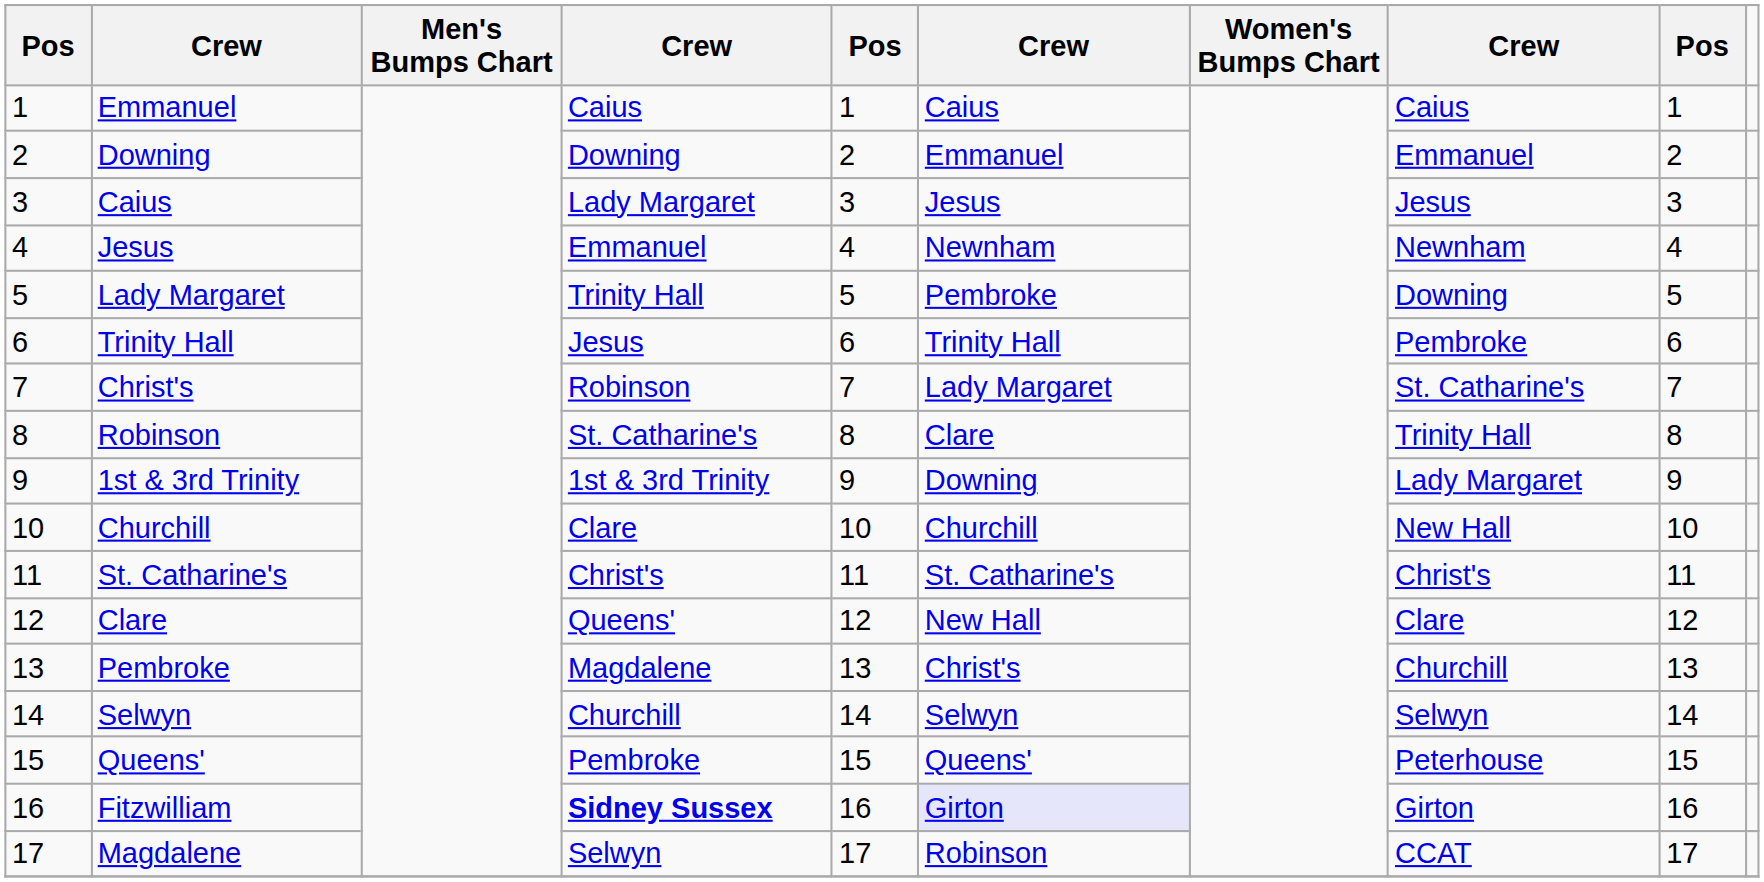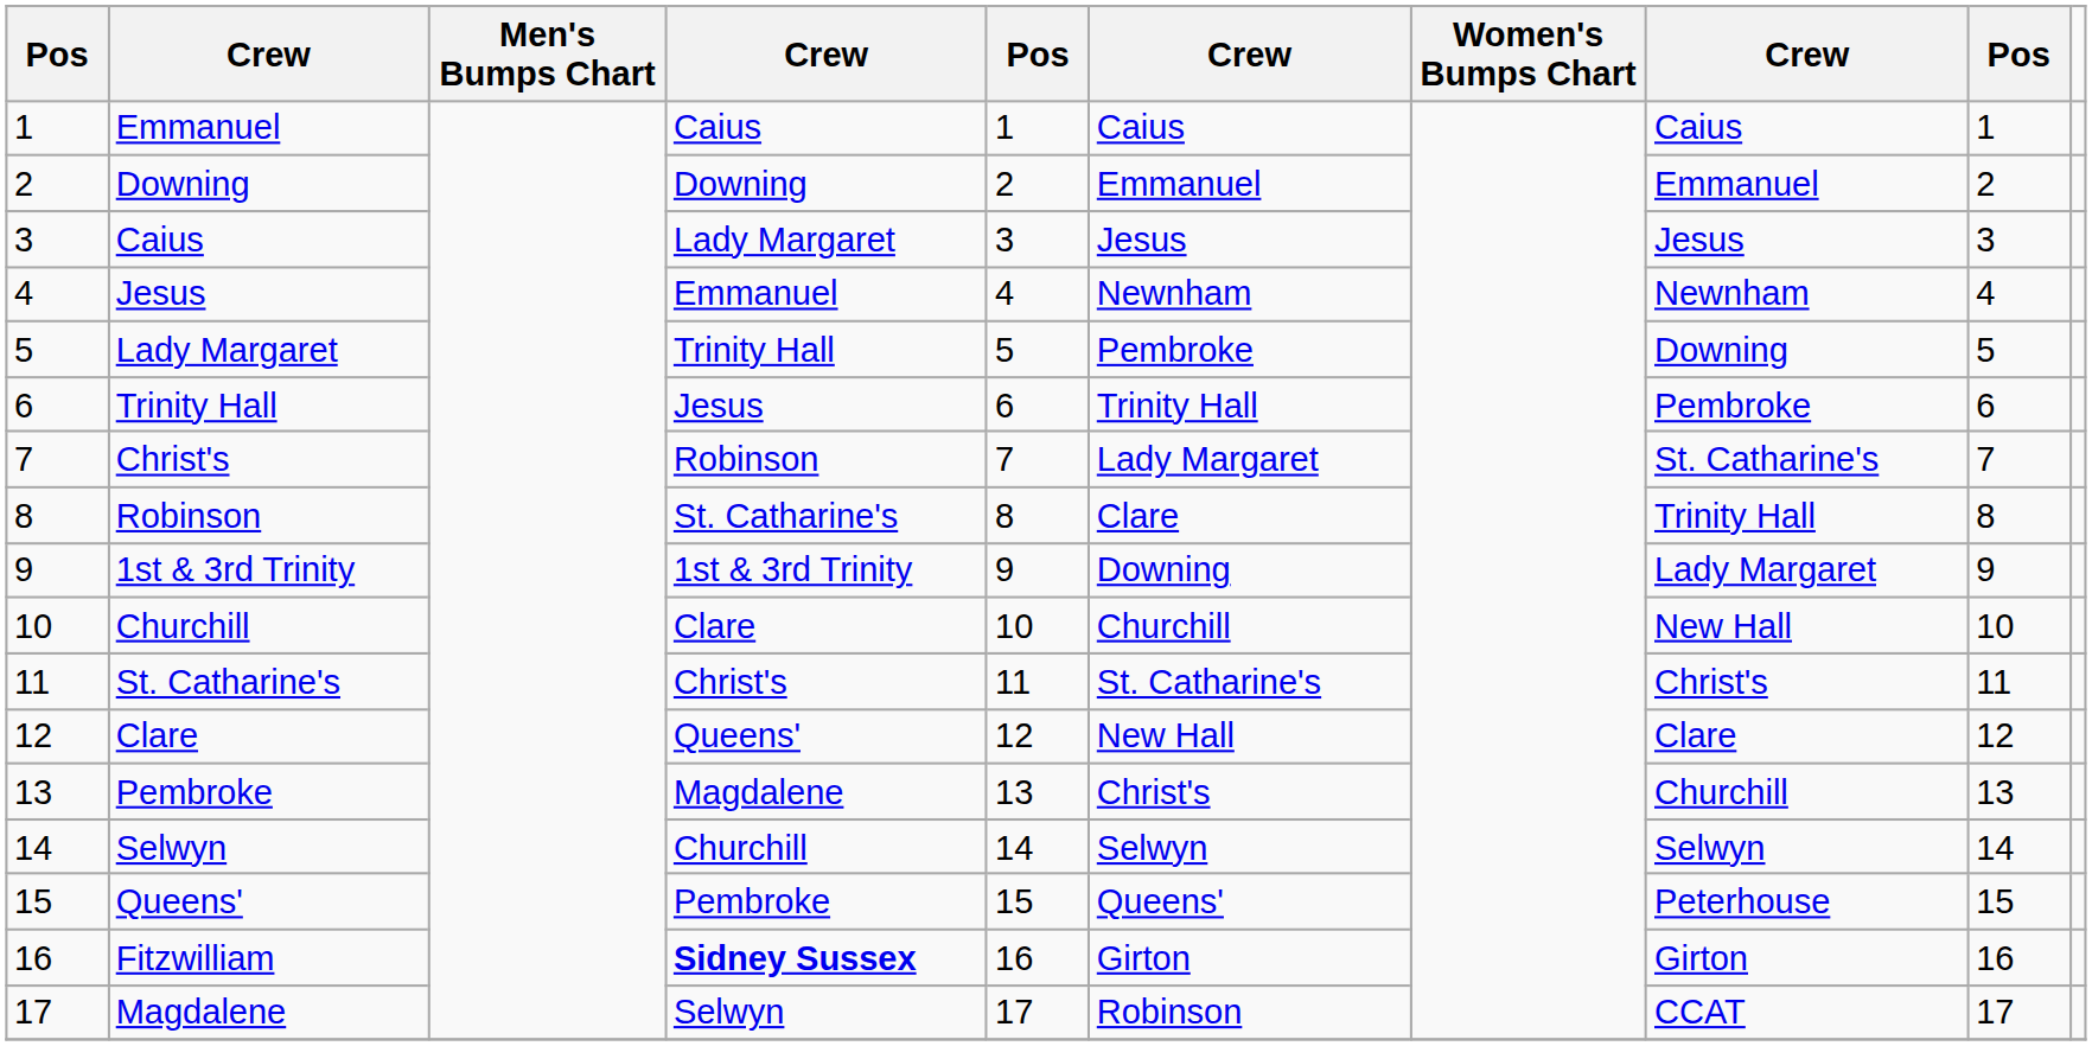 <table class="wikitable" style="font-size:88%; white-space:nowrap; margin:0.5em auto">
 <tr style="white-space:normal">
 <th width=35>Pos</th>
 <th width=125>Crew</th>
 <th width=90>Men's Bumps Chart</th>
 <th width=125>Crew</th>
 <th width=35>Pos</th>
 <th width=125>Crew</th>
 <th width=90>Women's Bumps Chart</th>
 <th width=125>Crew</th>
 <th width=35>Pos</th>
 </tr>
 <tr>
 <td>1</td>
 <td><a href='#'>Emmanuel</a></td>
 <td rowspan="17"><br></td>
 <td><a href='#'>Caius</a></td>
 <td>1</td>
 <td><a href='#'>Caius</a></td>
 <td rowspan="17"><br></td>
 <td><a href='#'>Caius</a></td>
 <td>1</td>
 <td></td>
 </tr>
 <tr>
 <td>2</td>
 <td><a href='#'>Downing</a></td>
 <td><a href='#'>Downing</a></td>
 <td>2</td>
 <td><a href='#'>Emmanuel</a></td>
 <td><a href='#'>Emmanuel</a></td>
 <td>2</td>
 <td></td>
 </tr>
 <tr>
 <td>3</td>
 <td><a href='#'>Caius</a></td>
 <td><a href='#'>Lady Margaret</a></td>
 <td>3</td>
 <td><a href='#'>Jesus</a></td>
 <td><a href='#'>Jesus</a></td>
 <td>3</td>
 <td></td>
 </tr>
 <tr>
 <td>4</td>
 <td><a href='#'>Jesus</a></td>
 <td><a href='#'>Emmanuel</a></td>
 <td>4</td>
 <td><a href='#'>Newnham</a></td>
 <td><a href='#'>Newnham</a></td>
 <td>4</td>
 <td></td>
 </tr>
 <tr>
 <td>5</td>
 <td><a href='#'>Lady Margaret</a></td>
 <td><a href='#'>Trinity Hall</a></td>
 <td>5</td>
 <td><a href='#'>Pembroke</a></td>
 <td><a href='#'>Downing</a></td>
 <td>5</td>
 <td></td>
 </tr>
 <tr>
 <td>6</td>
 <td><a href='#'>Trinity Hall</a></td>
 <td><a href='#'>Jesus</a></td>
 <td>6</td>
 <td><a href='#'>Trinity Hall</a></td>
 <td><a href='#'>Pembroke</a></td>
 <td>6</td>
 <td></td>
 </tr>
 <tr>
 <td>7</td>
 <td><a href='#'>Christ's</a></td>
 <td><a href='#'>Robinson</a></td>
 <td>7</td>
 <td><a href='#'>Lady Margaret</a></td>
 <td><a href='#'>St. Catharine's</a></td>
 <td>7</td>
 <td></td>
 </tr>
 <tr>
 <td>8</td>
 <td><a href='#'>Robinson</a></td>
 <td><a href='#'>St. Catharine's</a></td>
 <td>8</td>
 <td><a href='#'>Clare</a></td>
 <td><a href='#'>Trinity Hall</a></td>
 <td>8</td>
 <td></td>
 </tr>
 <tr>
 <td>9</td>
 <td><a href='#'>1st & 3rd Trinity</a></td>
 <td><a href='#'>1st & 3rd Trinity</a></td>
 <td>9</td>
 <td><a href='#'>Downing</a></td>
 <td><a href='#'>Lady Margaret</a></td>
 <td>9</td>
 <td></td>
 </tr>
 <tr>
 <td>10</td>
 <td><a href='#'>Churchill</a></td>
 <td><a href='#'>Clare</a></td>
 <td>10</td>
 <td><a href='#'>Churchill</a></td>
 <td><a href='#'>New Hall</a></td>
 <td>10</td>
 <td></td>
 </tr>
 <tr>
 <td>11</td>
 <td><a href='#'>St. Catharine's</a></td>
 <td><a href='#'>Christ's</a></td>
 <td>11</td>
 <td><a href='#'>St. Catharine's</a></td>
 <td><a href='#'>Christ's</a></td>
 <td>11</td>
 <td></td>
 </tr>
 <tr>
 <td>12</td>
 <td><a href='#'>Clare</a></td>
 <td><a href='#'>Queens'</a></td>
 <td>12</td>
 <td><a href='#'>New Hall</a></td>
 <td><a href='#'>Clare</a></td>
 <td>12</td>
 <td></td>
 </tr>
 <tr>
 <td>13</td>
 <td><a href='#'>Pembroke</a></td>
 <td><a href='#'>Magdalene</a></td>
 <td>13</td>
 <td><a href='#'>Christ's</a></td>
 <td><a href='#'>Churchill</a></td>
 <td>13</td>
 <td></td>
 </tr>
 <tr>
 <td>14</td>
 <td><a href='#'>Selwyn</a></td>
 <td><a href='#'>Churchill</a></td>
 <td>14</td>
 <td><a href='#'>Selwyn</a></td>
 <td><a href='#'>Selwyn</a></td>
 <td>14</td>
 <td></td>
 </tr>
 <tr>
 <td>15</td>
 <td><a href='#'>Queens'</a></td>
 <td><a href='#'>Pembroke</a></td>
 <td>15</td>
 <td><a href='#'>Queens'</a></td>
 <td><a href='#'>Peterhouse</a></td>
 <td>15</td>
 <td></td>
 </tr>
 <tr>
 <td>16</td>
 <td><a href='#'>Fitzwilliam</a></td>
 <td><strong><a href='#'>Sidney Sussex</a></strong></td>
 <td>16</td>
-<td style="background: lavender;"><a href='#'>Girton</a></td>
+<td><a href='#'>Girton</a></td>
 <td><a href='#'>Girton</a></td>
 <td>16</td>
 <td></td>
 </tr>
 <tr>
 <td>17</td>
 <td><a href='#'>Magdalene</a></td>
 <td><a href='#'>Selwyn</a></td>
 <td>17</td>
 <td><a href='#'>Robinson</a></td>
 <td><a href='#'>CCAT</a></td>
 <td>17</td>
 <td></td>
 </tr>
 <tr>
 </tr>
 </table>
